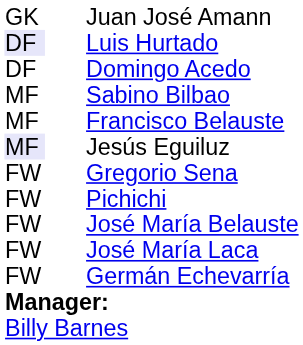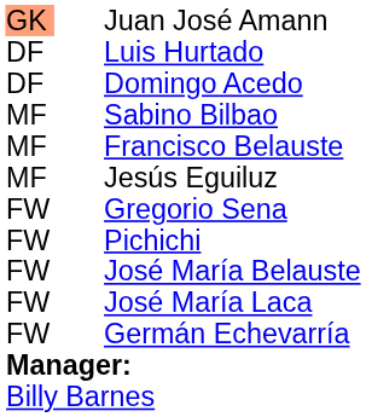 <table style="font-size: 90%" cellspacing="0" cellpadding="0" align=center>
 <tr>
 <td colspan="4"></td>
 </tr>
 <tr>
 <th width=25></th>
 <th width=25></th>
 </tr>
 <tr>
-<td>GK</td>
+<td style="background: lightsalmon;">GK</td>
 <td></td>
 <td> Juan José Amann</td>
 </tr>
 <tr>
-<td style="background: lavender;">DF</td>
+<td>DF</td>
 <td></td>
 <td> <a href='#'>Luis Hurtado</a></td>
 </tr>
 <tr>
 <td>DF</td>
 <td></td>
 <td> <a href='#'>Domingo Acedo</a></td>
 </tr>
 <tr>
 <td>MF</td>
 <td></td>
 <td> <a href='#'>Sabino Bilbao</a></td>
 </tr>
 <tr>
 <td>MF</td>
 <td></td>
 <td> <a href='#'>Francisco Belauste</a></td>
 </tr>
 <tr>
-<td style="background: lavender;">MF</td>
+<td>MF</td>
 <td></td>
 <td> Jesús Eguiluz</td>
 </tr>
 <tr>
 <td>FW</td>
 <td></td>
 <td> <a href='#'>Gregorio Sena</a></td>
 </tr>
 <tr>
 <td>FW</td>
 <td></td>
 <td> <a href='#'>Pichichi</a></td>
 </tr>
 <tr>
 <td>FW</td>
 <td></td>
 <td> <a href='#'>José María Belauste</a></td>
 </tr>
 <tr>
 <td>FW</td>
 <td></td>
 <td> <a href='#'>José María Laca</a></td>
 </tr>
 <tr>
 <td>FW</td>
 <td></td>
 <td> <a href='#'>Germán Echevarría</a></td>
 </tr>
 <tr>
 <td colspan=3><strong>Manager:</strong></td>
 </tr>
 <tr>
 <td colspan=4> <a href='#'>Billy Barnes</a></td>
 </tr>
 </table>
